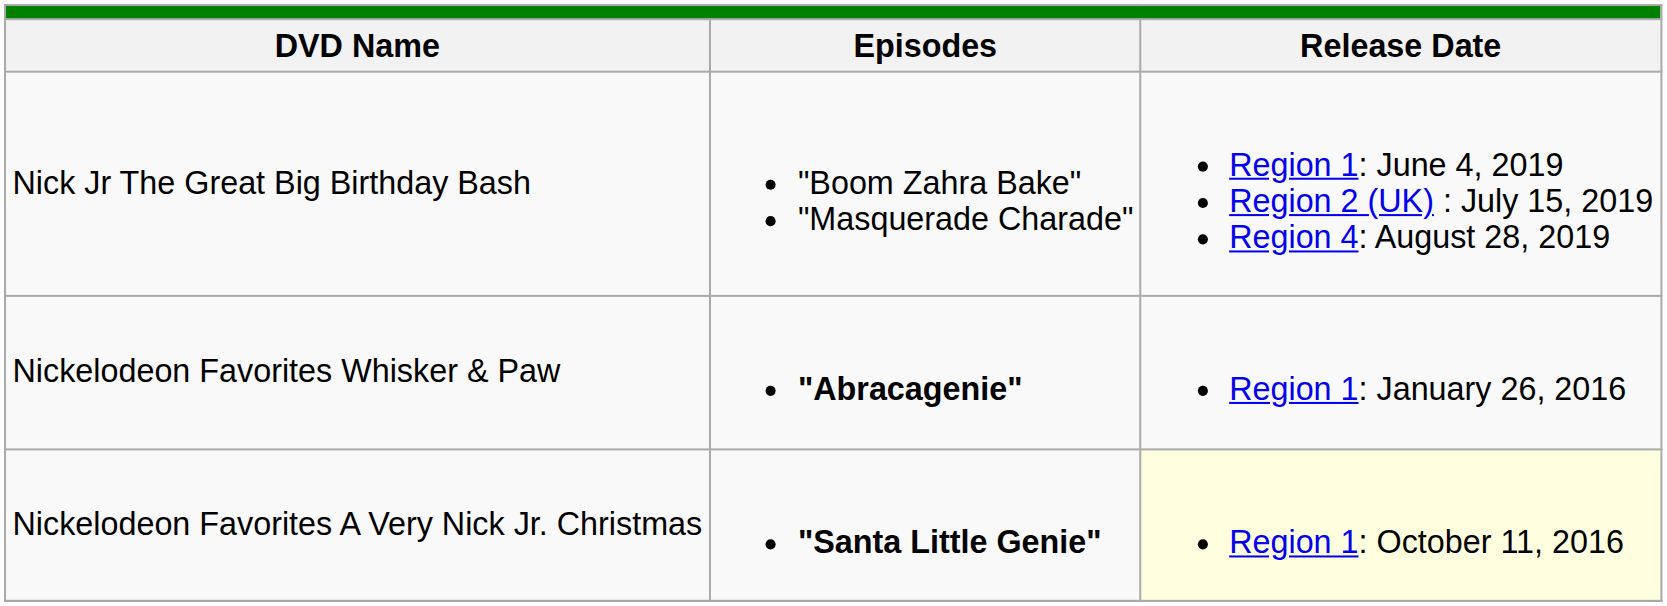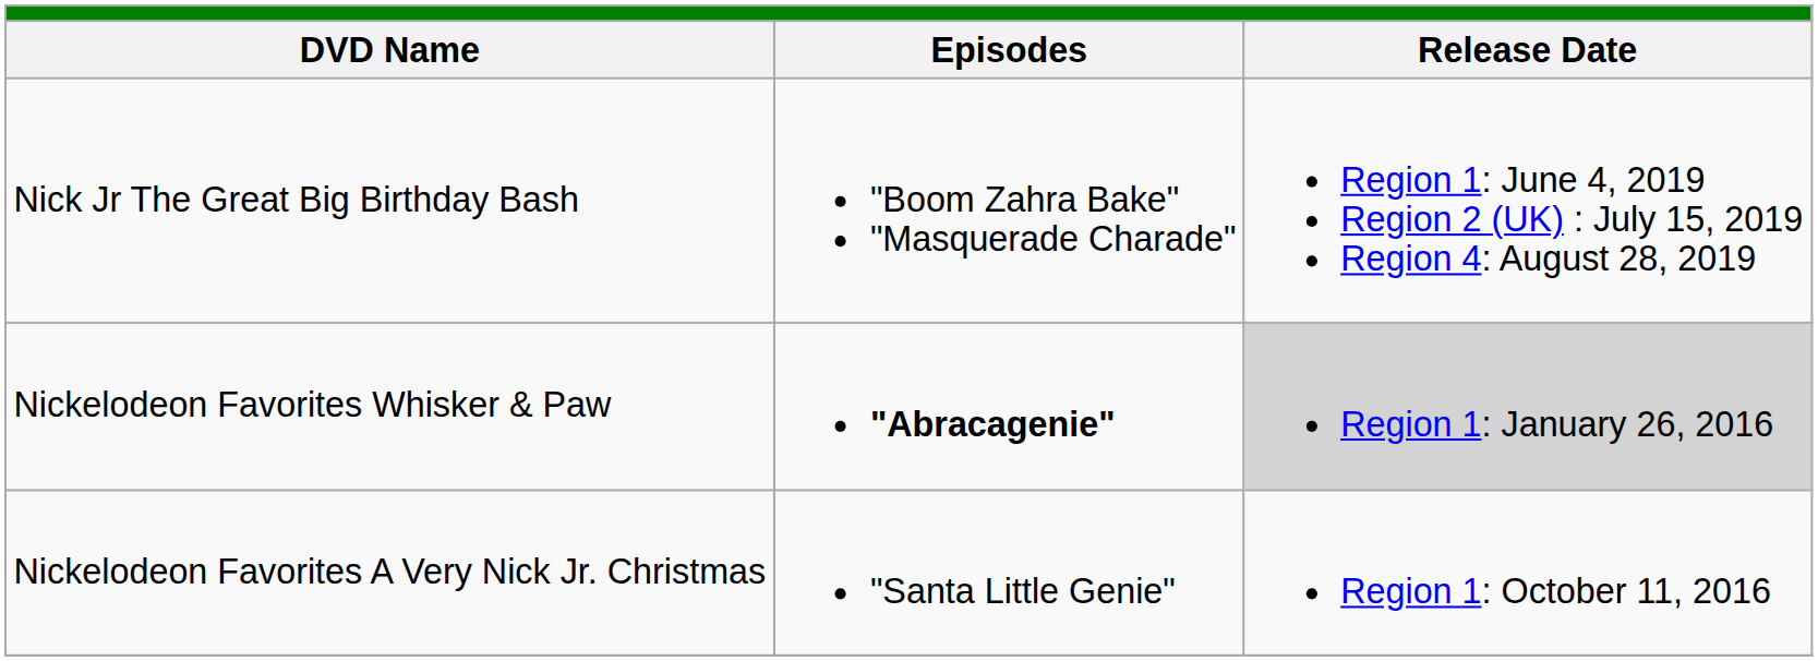 <table class="wikitable" border="1">
 <tr>
 <td colspan="4" style="background:green; color:yellow; font-size:100%" align="center"></td>
 </tr>
 <tr>
 <th>DVD Name</th>
 <th>Episodes</th>
 <th>Release Date</th>
 </tr>
 <tr>
 <td>Nick Jr The Great Big Birthday Bash</td>
 <td><br><ul><li>"Boom Zahra Bake"</li><li>"Masquerade Charade"</li></ul></td>
 <td><br><ul><li><a href='#'>Region 1</a>: June 4, 2019</li><li><a href='#'>Region 2 (UK)</a> : July 15, 2019</li><li><a href='#'>Region 4</a>: August 28, 2019</li></ul></td>
 </tr>
 <tr>
 <td>Nickelodeon Favorites Whisker & Paw</td>
 <td><strong><br><ul><li>"Abracagenie"</li></ul></strong></td>
-<td><br><ul><li><a href='#'>Region 1</a>: January 26, 2016</li></ul></td>
+<td style="background: lightgrey;"><br><ul><li><a href='#'>Region 1</a>: January 26, 2016</li></ul></td>
 </tr>
 <tr>
 <td>Nickelodeon Favorites A Very Nick Jr. Christmas</td>
-<td><strong><br><ul><li>"Santa Little Genie"</li></ul></strong></td>
-<td style="background: lightyellow;"><br><ul><li><a href='#'>Region 1</a>: October 11, 2016</li></ul></td>
+<td><br><ul><li>"Santa Little Genie"</li></ul></td>
+<td><br><ul><li><a href='#'>Region 1</a>: October 11, 2016</li></ul></td>
 </tr>
 <tr>
 </tr>
 </table>
